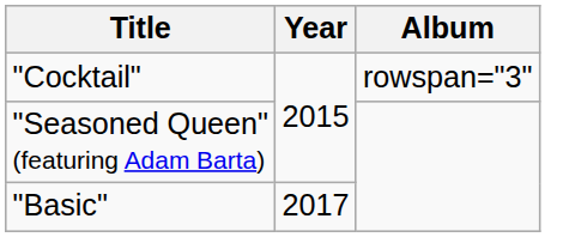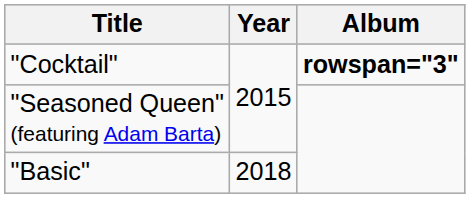 <table class="wikitable">
 <tr>
 <th>Title</th>
 <th>Year</th>
 <th>Album</th>
 </tr>
 <tr>
 <td>"Cocktail"</td>
 <td rowspan="2">2015</td>
-<td>rowspan="3" </td>
+<td><strong>rowspan="3" </strong></td>
 </tr>
 <tr>
 <td>"Seasoned Queen" <br><small>(featuring <a href='#'>Adam Barta</a>)</small></td>
 </tr>
 <tr>
 <td>"Basic"</td>
-<td>2017</td>
+<td>2018</td>
 </tr>
 </table>
